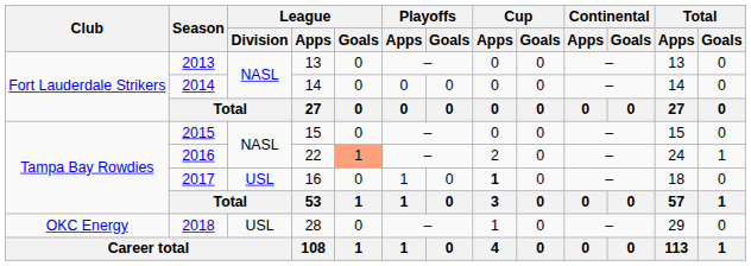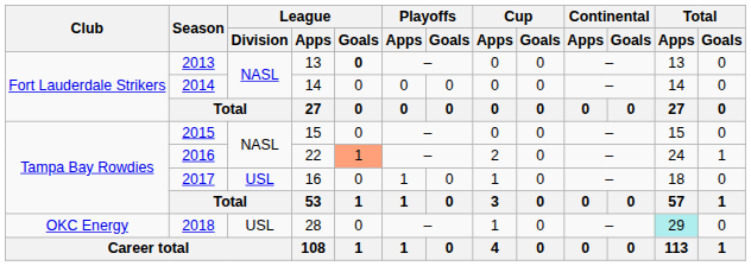 <table class="wikitable" style="text-align: center;">
 <tr>
 <th rowspan=2>Club</th>
 <th rowspan=2>Season</th>
 <th colspan=3>League</th>
 <th colspan=2>Playoffs</th>
 <th colspan=2>Cup</th>
 <th colspan=2>Continental</th>
 <th colspan=2>Total</th>
 </tr>
 <tr>
 <th>Division</th>
 <th>Apps</th>
 <th>Goals</th>
 <th>Apps</th>
 <th>Goals</th>
 <th>Apps</th>
 <th>Goals</th>
 <th>Apps</th>
 <th>Goals</th>
 <th>Apps</th>
 <th>Goals</th>
 </tr>
 <tr>
 <td rowspan=3><a href='#'>Fort Lauderdale Strikers</a></td>
 <td><a href='#'>2013</a></td>
 <td rowspan=2><a href='#'>NASL</a></td>
 <td>13</td>
-<td>0</td>
+<td><strong>0</strong></td>
 <td colspan=2>–</td>
 <td>0</td>
 <td>0</td>
 <td colspan=2>–</td>
 <td>13</td>
 <td>0</td>
 </tr>
 <tr>
 <td><a href='#'>2014</a></td>
 <td>14</td>
 <td>0</td>
 <td>0</td>
 <td>0</td>
 <td>0</td>
 <td>0</td>
 <td colspan=2>–</td>
 <td>14</td>
 <td>0</td>
 </tr>
 <tr>
 <th colspan=2>Total</th>
 <th>27</th>
 <th>0</th>
 <th>0</th>
 <th>0</th>
 <th>0</th>
 <th>0</th>
 <th>0</th>
 <th>0</th>
 <th>27</th>
 <th>0</th>
 </tr>
 <tr>
 <td rowspan=4><a href='#'>Tampa Bay Rowdies</a></td>
 <td><a href='#'>2015</a></td>
 <td rowspan=2>NASL</td>
 <td>15</td>
 <td>0</td>
 <td colspan=2>–</td>
 <td>0</td>
 <td>0</td>
 <td colspan=2>–</td>
 <td>15</td>
 <td>0</td>
 </tr>
 <tr>
 <td><a href='#'>2016</a></td>
 <td>22</td>
 <td style="background: lightsalmon;">1</td>
 <td colspan=2>–</td>
 <td>2</td>
 <td>0</td>
 <td colspan=2>–</td>
 <td>24</td>
 <td>1</td>
 </tr>
 <tr>
 <td><a href='#'>2017</a></td>
 <td><a href='#'>USL</a></td>
 <td>16</td>
 <td>0</td>
 <td>1</td>
 <td>0</td>
-<td><strong>1</strong></td>
+<td>1</td>
 <td>0</td>
 <td colspan=2>–</td>
 <td>18</td>
 <td>0</td>
 </tr>
 <tr>
 <th colspan=2>Total</th>
 <th>53</th>
 <th>1</th>
 <th>1</th>
 <th>0</th>
 <th>3</th>
 <th>0</th>
 <th>0</th>
 <th>0</th>
 <th>57</th>
 <th>1</th>
 </tr>
 <tr>
 <td><a href='#'>OKC Energy</a></td>
 <td><a href='#'>2018</a></td>
 <td>USL</td>
 <td>28</td>
 <td>0</td>
 <td colspan=2>–</td>
 <td>1</td>
 <td>0</td>
 <td colspan=2>–</td>
-<td>29</td>
+<td style="background: paleturquoise;">29</td>
 <td>0</td>
 </tr>
 <tr>
 <th colspan=3>Career total</th>
 <th>108</th>
 <th>1</th>
 <th>1</th>
 <th>0</th>
 <th>4</th>
 <th>0</th>
 <th>0</th>
 <th>0</th>
 <th>113</th>
 <th>1</th>
 </tr>
 </table>
